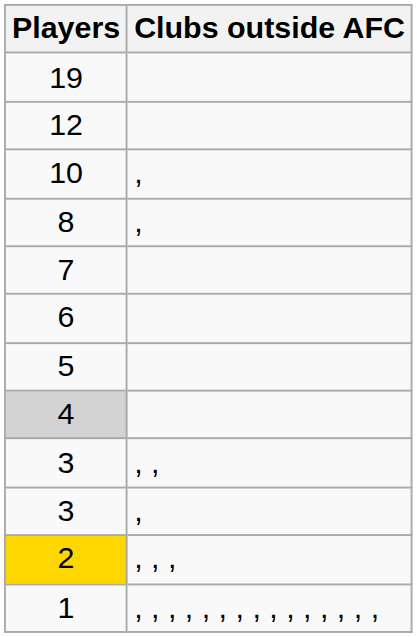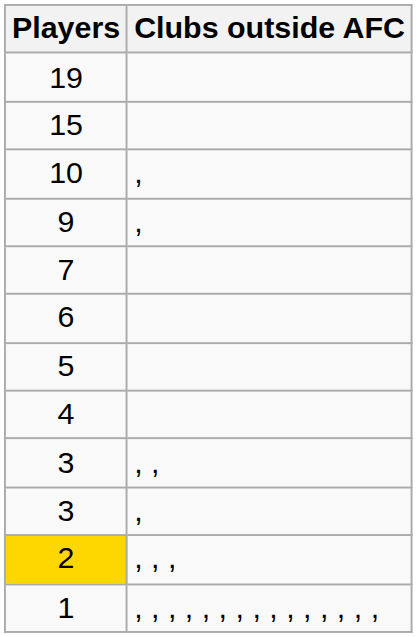 <table class="wikitable">
 <tr>
 <th>Players</th>
 <th>Clubs outside AFC</th>
 </tr>
 <tr>
 <td align="center">19</td>
 <td></td>
 </tr>
 <tr>
-<td align="center">12</td>
+<td align="center">15</td>
 <td></td>
 </tr>
 <tr>
 <td align="center">10</td>
 <td>, </td>
 </tr>
 <tr>
-<td align="center">8</td>
+<td align="center">9</td>
 <td>, </td>
 </tr>
 <tr>
 <td align="center">7</td>
 <td></td>
 </tr>
 <tr>
 <td align="center">6</td>
 <td></td>
 </tr>
 <tr>
 <td align="center">5</td>
 <td></td>
 </tr>
 <tr>
-<td align="center" style="background: lightgrey;">4</td>
+<td align="center">4</td>
 <td></td>
 </tr>
 <tr>
 <td align="center">3</td>
 <td>, , </td>
 </tr>
 <tr>
 <td align="center">3</td>
 <td>, </td>
 </tr>
 <tr>
 <td align="center" style="background: gold;">2</td>
 <td>, , ,</td>
 </tr>
 <tr>
 <td align="center">1</td>
 <td>, , , , , , , , , , , , , , , </td>
 </tr>
 </table>
